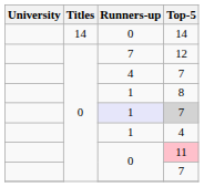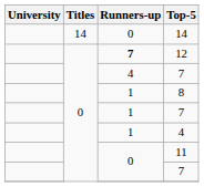 <table class="wikitable sortable"  style="font-size:85%; text-align:center;">
 <tr>
 <th>University</th>
 <th>Titles</th>
 <th nowrap>Runners-up</th>
 <th nowrap>Top-5</th>
 </tr>
 <tr>
 <td nowrap align=left></td>
 <td>14</td>
 <td>0</td>
 <td>14</td>
 </tr>
 <tr>
 <td nowrap align=left></td>
 <td rowspan="99">0</td>
-<td>7</td>
+<td><strong>7</strong></td>
 <td>12</td>
 </tr>
 <tr>
 <td nowrap align=left></td>
 <td>4</td>
 <td>7</td>
 </tr>
 <tr>
 <td nowrap align=left></td>
 <td>1</td>
 <td>8</td>
 </tr>
 <tr>
 <td nowrap align=left></td>
-<td style="background: lavender;">1</td>
-<td style="background: lightgrey;">7</td>
+<td>1</td>
+<td>7</td>
 </tr>
 <tr>
 <td nowrap align=left></td>
 <td>1</td>
 <td>4</td>
 </tr>
 <tr>
 <td nowrap align=left></td>
 <td rowspan="2">0</td>
-<td style="background: pink;">11</td>
+<td>11</td>
 </tr>
 <tr>
 <td nowrap align=left></td>
 <td>7</td>
 </tr>
 <tr>
 </tr>
 </table>
